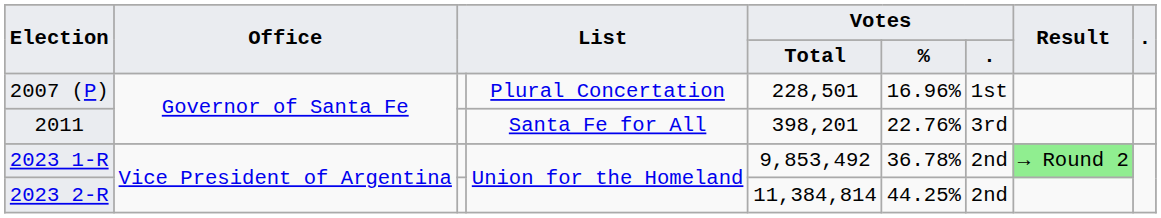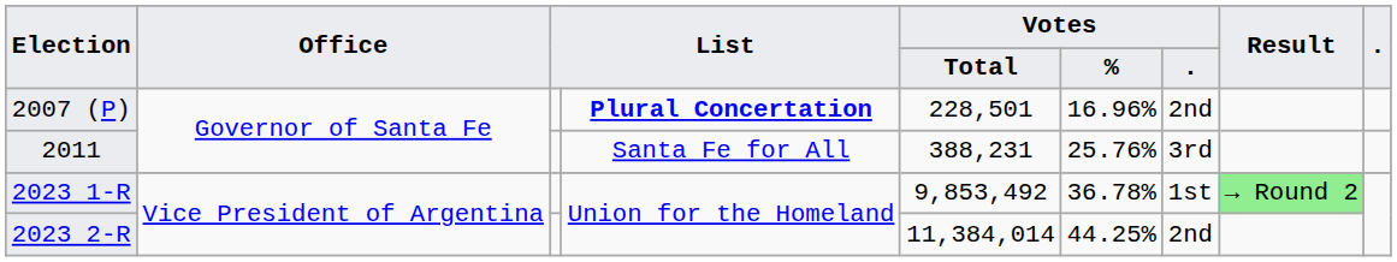 <table class="wikitable" style="font-size:90%; text-align:center;">
 <tr>
 <th style="background-color:#EAECF0;" rowspan=2>Election</th>
 <th style="background-color:#EAECF0;" rowspan=2>Office</th>
 <th style="background-color:#EAECF0;" colspan=2 rowspan=2>List</th>
 <th style="background-color:#EAECF0;" colspan=3>Votes</th>
 <th style="background-color:#EAECF0;" rowspan=2>Result</th>
 <th style="background-color:#EAECF0;" rowspan=2>.</th>
 </tr>
 <tr>
 <th style="background-color:#EAECF0;">Total</th>
 <th style="background-color:#EAECF0;">%</th>
 <th style="background-color:#EAECF0;">.</th>
 </tr>
 <tr>
 <td style="background-color:#EAECF0;">2007 (<a href='#'>P</a>)</td>
 <td rowspan="2"><a href='#'>Governor of Santa Fe</a></td>
 <td style="background-color:"></td>
-<td><a href='#'>Plural Concertation</a></td>
+<td><strong><a href='#'>Plural Concertation</a></strong></td>
 <td>228,501</td>
 <td>16.96%</td>
-<td>1st</td>
+<td>2nd</td>
 <td></td>
 <td></td>
 </tr>
 <tr>
 <td style="background-color:#EAECF0;">2011</td>
 <td style="background-color:"></td>
 <td><a href='#'>Santa Fe for All</a></td>
-<td>398,201</td>
-<td>22.76%</td>
+<td>388,231</td>
+<td>25.76%</td>
 <td>3rd</td>
 <td></td>
 <td></td>
 </tr>
 <tr>
 <td style="background-color:#EAECF0;"><a href='#'>2023 1-R</a></td>
 <td rowspan="2"><a href='#'>Vice President of Argentina</a></td>
 <td style="background-color:"></td>
 <td rowspan="2"><a href='#'>Union for the Homeland</a></td>
 <td>9,853,492</td>
 <td>36.78%</td>
-<td>2nd</td>
+<td>1st</td>
 <td style="background: lightgreen;">→ Round 2</td>
 <td rowspan="2"></td>
 </tr>
 <tr>
 <td style="background-color:#EAECF0;"><a href='#'>2023 2-R</a></td>
 <td style="background-color:"></td>
-<td>11,384,814</td>
+<td>11,384,014</td>
 <td>44.25%</td>
 <td>2nd</td>
 <td></td>
 </tr>
 </table>
